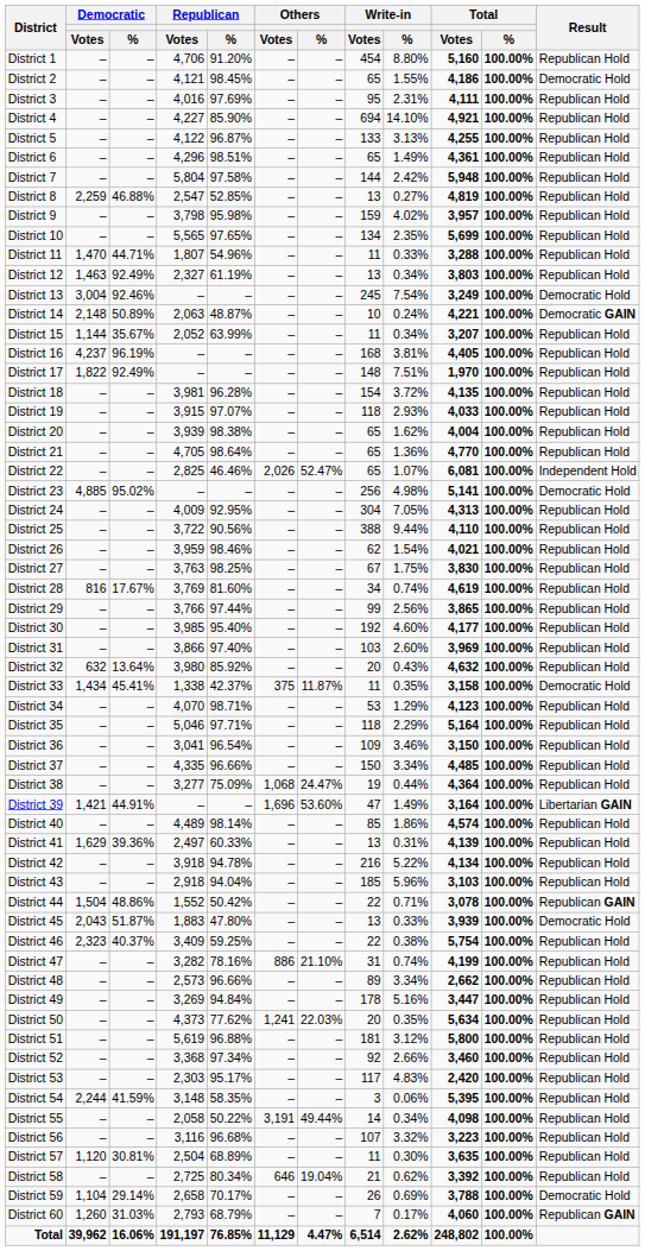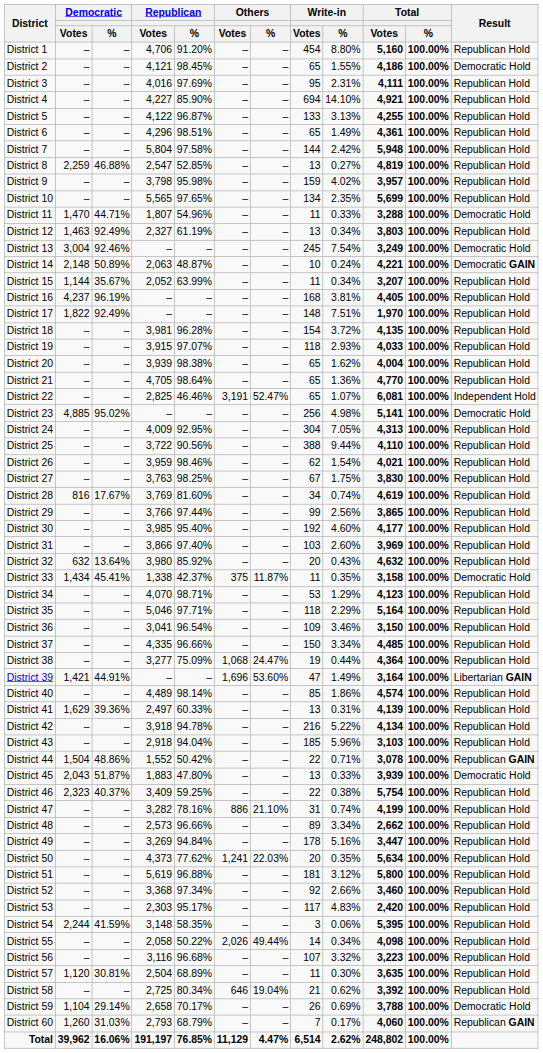 <table class="wikitable plainrowheaders sortable" style="font-size:100%; text-align:right;">
 <tr>
 <th rowspan="3" scope="col">District</th>
 <th colspan="2" scope="col"><a href='#'>Democratic</a></th>
 <th colspan="2" scope="col"><a href='#'>Republican</a></th>
 <th colspan="2" scope="col">Others</th>
 <th colspan="2" scope="col">Write-in</th>
 <th colspan="2" scope="col">Total</th>
 <th rowspan="3" scope="col">Result</th>
 </tr>
 <tr>
 <th colspan="2" scope="col" style="background:"></th>
 <th colspan="2" scope="col" style="background:"></th>
 <th colspan="2" scope="col"></th>
 <th colspan="2" scope="col"></th>
 <th colspan="2" scope="col"></th>
 </tr>
 <tr>
 <th data-sort-type="number" scope="col">Votes</th>
 <th data-sort-type="number" scope="col">%</th>
 <th data-sort-type="number" scope="col">Votes</th>
 <th data-sort-type="number" scope="col">%</th>
 <th data-sort-type="number" scope="col">Votes</th>
 <th data-sort-type="number" scope="col">%</th>
 <th>Votes</th>
 <th>%</th>
 <th data-sort-type="number" scope="col">Votes</th>
 <th data-sort-type="number" scope="col">%</th>
 </tr>
 <tr>
 <td align="left">District 1</td>
 <td>–</td>
 <td>–</td>
 <td>4,706</td>
 <td>91.20%</td>
 <td>–</td>
 <td>–</td>
 <td>454</td>
 <td>8.80%</td>
 <td><strong>5,160</strong></td>
 <td><strong>100.00%</strong></td>
 <td align="left">Republican Hold</td>
 </tr>
 <tr>
 <td align="left">District 2</td>
 <td>–</td>
 <td>–</td>
 <td>4,121</td>
 <td>98.45%</td>
 <td>–</td>
 <td>–</td>
 <td>65</td>
 <td>1.55%</td>
 <td><strong>4,186</strong></td>
 <td><strong>100.00%</strong></td>
 <td align="left">Democratic Hold</td>
 </tr>
 <tr>
 <td align="left">District 3</td>
 <td>–</td>
 <td>–</td>
 <td>4,016</td>
 <td>97.69%</td>
 <td>–</td>
 <td>–</td>
 <td>95</td>
 <td>2.31%</td>
 <td><strong>4,111</strong></td>
 <td><strong>100.00%</strong></td>
 <td align="left">Republican Hold</td>
 </tr>
 <tr>
 <td align="left">District 4</td>
 <td>–</td>
 <td>–</td>
 <td>4,227</td>
 <td>85.90%</td>
 <td>–</td>
 <td>–</td>
 <td>694</td>
 <td>14.10%</td>
 <td><strong>4,921</strong></td>
 <td><strong>100.00%</strong></td>
 <td align="left">Republican Hold</td>
 </tr>
 <tr>
 <td align="left">District 5</td>
 <td>–</td>
 <td>–</td>
 <td>4,122</td>
 <td>96.87%</td>
 <td>–</td>
 <td>–</td>
 <td>133</td>
 <td>3.13%</td>
 <td><strong>4,255</strong></td>
 <td><strong>100.00%</strong></td>
 <td align="left">Republican Hold</td>
 </tr>
 <tr>
 <td align="left">District 6</td>
 <td>–</td>
 <td>–</td>
 <td>4,296</td>
 <td>98.51%</td>
 <td>–</td>
 <td>–</td>
 <td>65</td>
 <td>1.49%</td>
 <td><strong>4,361</strong></td>
 <td><strong>100.00%</strong></td>
 <td align="left">Republican Hold</td>
 </tr>
 <tr>
 <td align="left">District 7</td>
 <td>–</td>
 <td>–</td>
 <td>5,804</td>
 <td>97.58%</td>
 <td>–</td>
 <td>–</td>
 <td>144</td>
 <td>2.42%</td>
 <td><strong>5,948</strong></td>
 <td><strong>100.00%</strong></td>
 <td align="left">Republican Hold</td>
 </tr>
 <tr>
 <td align="left">District 8</td>
 <td>2,259</td>
 <td>46.88%</td>
 <td>2,547</td>
 <td>52.85%</td>
 <td>–</td>
 <td>–</td>
 <td>13</td>
 <td>0.27%</td>
 <td><strong>4,819</strong></td>
 <td><strong>100.00%</strong></td>
 <td align="left">Republican Hold</td>
 </tr>
 <tr>
 <td align="left">District 9</td>
 <td>–</td>
 <td>–</td>
 <td>3,798</td>
 <td>95.98%</td>
 <td>–</td>
 <td>–</td>
 <td>159</td>
 <td>4.02%</td>
 <td><strong>3,957</strong></td>
 <td><strong>100.00%</strong></td>
 <td align="left">Republican Hold</td>
 </tr>
 <tr>
 <td align="left">District 10</td>
 <td>–</td>
 <td>–</td>
 <td>5,565</td>
 <td>97.65%</td>
 <td>–</td>
 <td>–</td>
 <td>134</td>
 <td>2.35%</td>
 <td><strong>5,699</strong></td>
 <td><strong>100.00%</strong></td>
 <td align="left">Republican Hold</td>
 </tr>
 <tr>
 <td align="left">District 11</td>
 <td>1,470</td>
 <td>44.71%</td>
 <td>1,807</td>
 <td>54.96%</td>
 <td>–</td>
 <td>–</td>
 <td>11</td>
 <td>0.33%</td>
 <td><strong>3,288</strong></td>
 <td><strong>100.00%</strong></td>
-<td align="left">Republican Hold</td>
+<td align="left">Democratic Hold</td>
 </tr>
 <tr>
 <td align="left">District 12</td>
 <td>1,463</td>
 <td>92.49%</td>
 <td>2,327</td>
 <td>61.19%</td>
 <td>–</td>
 <td>–</td>
 <td>13</td>
 <td>0.34%</td>
 <td><strong>3,803</strong></td>
 <td><strong>100.00%</strong></td>
 <td align="left">Republican Hold</td>
 </tr>
 <tr>
 <td align="left">District 13</td>
 <td>3,004</td>
 <td>92.46%</td>
 <td>–</td>
 <td>–</td>
 <td>–</td>
 <td>–</td>
 <td>245</td>
 <td>7.54%</td>
 <td><strong>3,249</strong></td>
 <td><strong>100.00%</strong></td>
 <td align="left">Democratic Hold</td>
 </tr>
 <tr>
 <td align="left">District 14</td>
 <td>2,148</td>
 <td>50.89%</td>
 <td>2,063</td>
 <td>48.87%</td>
 <td>–</td>
 <td>–</td>
 <td>10</td>
 <td>0.24%</td>
 <td><strong>4,221</strong></td>
 <td><strong>100.00%</strong></td>
 <td align="left">Democratic <strong>GAIN</strong></td>
 </tr>
 <tr>
 <td align="left">District 15</td>
 <td>1,144</td>
 <td>35.67%</td>
 <td>2,052</td>
 <td>63.99%</td>
 <td>–</td>
 <td>–</td>
 <td>11</td>
 <td>0.34%</td>
 <td><strong>3,207</strong></td>
 <td><strong>100.00%</strong></td>
 <td align="left">Republican Hold</td>
 </tr>
 <tr>
 <td align="left">District 16</td>
 <td>4,237</td>
 <td>96.19%</td>
 <td>–</td>
 <td>–</td>
 <td>–</td>
 <td>–</td>
 <td>168</td>
 <td>3.81%</td>
 <td><strong>4,405</strong></td>
 <td><strong>100.00%</strong></td>
 <td align="left">Republican Hold</td>
 </tr>
 <tr>
 <td align="left">District 17</td>
 <td>1,822</td>
 <td>92.49%</td>
 <td>–</td>
 <td>–</td>
 <td>–</td>
 <td>–</td>
 <td>148</td>
 <td>7.51%</td>
 <td><strong>1,970</strong></td>
 <td><strong>100.00%</strong></td>
 <td align="left">Republican Hold</td>
 </tr>
 <tr>
 <td align="left">District 18</td>
 <td>–</td>
 <td>–</td>
 <td>3,981</td>
 <td>96.28%</td>
 <td>–</td>
 <td>–</td>
 <td>154</td>
 <td>3.72%</td>
 <td><strong>4,135</strong></td>
 <td><strong>100.00%</strong></td>
 <td align="left">Republican Hold</td>
 </tr>
 <tr>
 <td align="left">District 19</td>
 <td>–</td>
 <td>–</td>
 <td>3,915</td>
 <td>97.07%</td>
 <td>–</td>
 <td>–</td>
 <td>118</td>
 <td>2.93%</td>
 <td><strong>4,033</strong></td>
 <td><strong>100.00%</strong></td>
 <td align="left">Republican Hold</td>
 </tr>
 <tr>
 <td align="left">District 20</td>
 <td>–</td>
 <td>–</td>
 <td>3,939</td>
 <td>98.38%</td>
 <td>–</td>
 <td>–</td>
 <td>65</td>
 <td>1.62%</td>
 <td><strong>4,004</strong></td>
 <td><strong>100.00%</strong></td>
 <td align="left">Republican Hold</td>
 </tr>
 <tr>
 <td align="left">District 21</td>
 <td>–</td>
 <td>–</td>
 <td>4,705</td>
 <td>98.64%</td>
 <td>–</td>
 <td>–</td>
 <td>65</td>
 <td>1.36%</td>
 <td><strong>4,770</strong></td>
 <td><strong>100.00%</strong></td>
 <td align="left">Republican Hold</td>
 </tr>
 <tr>
 <td align="left">District 22</td>
 <td>–</td>
 <td>–</td>
 <td>2,825</td>
 <td>46.46%</td>
-<td>2,026</td>
+<td>3,191</td>
 <td>52.47%</td>
 <td>65</td>
 <td>1.07%</td>
 <td><strong>6,081</strong></td>
 <td><strong>100.00%</strong></td>
 <td align="left">Independent Hold</td>
 </tr>
 <tr>
 <td align="left">District 23</td>
 <td>4,885</td>
 <td>95.02%</td>
 <td>–</td>
 <td>–</td>
 <td>–</td>
 <td>–</td>
 <td>256</td>
 <td>4.98%</td>
 <td><strong>5,141</strong></td>
 <td><strong>100.00%</strong></td>
 <td align="left">Democratic Hold</td>
 </tr>
 <tr>
 <td align="left">District 24</td>
 <td>–</td>
 <td>–</td>
 <td>4,009</td>
 <td>92.95%</td>
 <td>–</td>
 <td>–</td>
 <td>304</td>
 <td>7.05%</td>
 <td><strong>4,313</strong></td>
 <td><strong>100.00%</strong></td>
 <td align="left">Republican Hold</td>
 </tr>
 <tr>
 <td align="left">District 25</td>
 <td>–</td>
 <td>–</td>
 <td>3,722</td>
 <td>90.56%</td>
 <td>–</td>
 <td>–</td>
 <td>388</td>
 <td>9.44%</td>
 <td><strong>4,110</strong></td>
 <td><strong>100.00%</strong></td>
 <td align="left">Republican Hold</td>
 </tr>
 <tr>
 <td align="left">District 26</td>
 <td>–</td>
 <td>–</td>
 <td>3,959</td>
 <td>98.46%</td>
 <td>–</td>
 <td>–</td>
 <td>62</td>
 <td>1.54%</td>
 <td><strong>4,021</strong></td>
 <td><strong>100.00%</strong></td>
 <td align="left">Republican Hold</td>
 </tr>
 <tr>
 <td align="left">District 27</td>
 <td>–</td>
 <td>–</td>
 <td>3,763</td>
 <td>98.25%</td>
 <td>–</td>
 <td>–</td>
 <td>67</td>
 <td>1.75%</td>
 <td><strong>3,830</strong></td>
 <td><strong>100.00%</strong></td>
 <td align="left">Republican Hold</td>
 </tr>
 <tr>
 <td align="left">District 28</td>
 <td>816</td>
 <td>17.67%</td>
 <td>3,769</td>
 <td>81.60%</td>
 <td>–</td>
 <td>–</td>
 <td>34</td>
 <td>0.74%</td>
 <td><strong>4,619</strong></td>
 <td><strong>100.00%</strong></td>
 <td align="left">Republican Hold</td>
 </tr>
 <tr>
 <td align="left">District 29</td>
 <td>–</td>
 <td>–</td>
 <td>3,766</td>
 <td>97.44%</td>
 <td>–</td>
 <td>–</td>
 <td>99</td>
 <td>2.56%</td>
 <td><strong>3,865</strong></td>
 <td><strong>100.00%</strong></td>
 <td align="left">Republican Hold</td>
 </tr>
 <tr>
 <td align="left">District 30</td>
 <td>–</td>
 <td>–</td>
 <td>3,985</td>
 <td>95.40%</td>
 <td>–</td>
 <td>–</td>
 <td>192</td>
 <td>4.60%</td>
 <td><strong>4,177</strong></td>
 <td><strong>100.00%</strong></td>
 <td align="left">Republican Hold</td>
 </tr>
 <tr>
 <td align="left">District 31</td>
 <td>–</td>
 <td>–</td>
 <td>3,866</td>
 <td>97.40%</td>
 <td>–</td>
 <td>–</td>
 <td>103</td>
 <td>2.60%</td>
 <td><strong>3,969</strong></td>
 <td><strong>100.00%</strong></td>
 <td align="left">Republican Hold</td>
 </tr>
 <tr>
 <td align="left">District 32</td>
 <td>632</td>
 <td>13.64%</td>
 <td>3,980</td>
 <td>85.92%</td>
 <td>–</td>
 <td>–</td>
 <td>20</td>
 <td>0.43%</td>
 <td><strong>4,632</strong></td>
 <td><strong>100.00%</strong></td>
 <td align="left">Republican Hold</td>
 </tr>
 <tr>
 <td align="left">District 33</td>
 <td>1,434</td>
 <td>45.41%</td>
 <td>1,338</td>
 <td>42.37%</td>
 <td>375</td>
 <td>11.87%</td>
 <td>11</td>
 <td>0.35%</td>
 <td><strong>3,158</strong></td>
 <td><strong>100.00%</strong></td>
 <td align="left">Democratic Hold</td>
 </tr>
 <tr>
 <td align="left">District 34</td>
 <td>–</td>
 <td>–</td>
 <td>4,070</td>
 <td>98.71%</td>
 <td>–</td>
 <td>–</td>
 <td>53</td>
 <td>1.29%</td>
 <td><strong>4,123</strong></td>
 <td><strong>100.00%</strong></td>
 <td align="left">Republican Hold</td>
 </tr>
 <tr>
 <td align="left">District 35</td>
 <td>–</td>
 <td>–</td>
 <td>5,046</td>
 <td>97.71%</td>
 <td>–</td>
 <td>–</td>
 <td>118</td>
 <td>2.29%</td>
 <td><strong>5,164</strong></td>
 <td><strong>100.00%</strong></td>
 <td align="left">Republican Hold</td>
 </tr>
 <tr>
 <td align="left">District 36</td>
 <td>–</td>
 <td>–</td>
 <td>3,041</td>
 <td>96.54%</td>
 <td>–</td>
 <td>–</td>
 <td>109</td>
 <td>3.46%</td>
 <td><strong>3,150</strong></td>
 <td><strong>100.00%</strong></td>
 <td align="left">Republican Hold</td>
 </tr>
 <tr>
 <td align="left">District 37</td>
 <td>–</td>
 <td>–</td>
 <td>4,335</td>
 <td>96.66%</td>
 <td>–</td>
 <td>–</td>
 <td>150</td>
 <td>3.34%</td>
 <td><strong>4,485</strong></td>
 <td><strong>100.00%</strong></td>
 <td align="left">Republican Hold</td>
 </tr>
 <tr>
 <td align="left">District 38</td>
 <td>–</td>
 <td>–</td>
 <td>3,277</td>
 <td>75.09%</td>
 <td>1,068</td>
 <td>24.47%</td>
 <td>19</td>
 <td>0.44%</td>
 <td><strong>4,364</strong></td>
 <td><strong>100.00%</strong></td>
 <td align="left">Republican Hold</td>
 </tr>
 <tr>
 <td align="left"><a href='#'>District 39</a></td>
 <td>1,421</td>
 <td>44.91%</td>
 <td>–</td>
 <td>–</td>
 <td>1,696</td>
 <td>53.60%</td>
 <td>47</td>
 <td>1.49%</td>
 <td><strong>3,164</strong></td>
 <td><strong>100.00%</strong></td>
 <td align="left">Libertarian <strong>GAIN</strong></td>
 </tr>
 <tr>
 <td align="left">District 40</td>
 <td>–</td>
 <td>–</td>
 <td>4,489</td>
 <td>98.14%</td>
 <td>–</td>
 <td>–</td>
 <td>85</td>
 <td>1.86%</td>
 <td><strong>4,574</strong></td>
 <td><strong>100.00%</strong></td>
 <td align="left">Republican Hold</td>
 </tr>
 <tr>
 <td align="left">District 41</td>
 <td>1,629</td>
 <td>39.36%</td>
 <td>2,497</td>
 <td>60.33%</td>
 <td>–</td>
 <td>–</td>
 <td>13</td>
 <td>0.31%</td>
 <td><strong>4,139</strong></td>
 <td><strong>100.00%</strong></td>
 <td align="left">Republican Hold</td>
 </tr>
 <tr>
 <td align="left">District 42</td>
 <td>–</td>
 <td>–</td>
 <td>3,918</td>
 <td>94.78%</td>
 <td>–</td>
 <td>–</td>
 <td>216</td>
 <td>5.22%</td>
 <td><strong>4,134</strong></td>
 <td><strong>100.00%</strong></td>
 <td align="left">Republican Hold</td>
 </tr>
 <tr>
 <td align="left">District 43</td>
 <td>–</td>
 <td>–</td>
 <td>2,918</td>
 <td>94.04%</td>
 <td>–</td>
 <td>–</td>
 <td>185</td>
 <td>5.96%</td>
 <td><strong>3,103</strong></td>
 <td><strong>100.00%</strong></td>
 <td align="left">Republican Hold</td>
 </tr>
 <tr>
 <td align="left">District 44</td>
 <td>1,504</td>
 <td>48.86%</td>
 <td>1,552</td>
 <td>50.42%</td>
 <td>–</td>
 <td>–</td>
 <td>22</td>
 <td>0.71%</td>
 <td><strong>3,078</strong></td>
 <td><strong>100.00%</strong></td>
 <td align="left">Republican <strong>GAIN</strong></td>
 </tr>
 <tr>
 <td align="left">District 45</td>
 <td>2,043</td>
 <td>51.87%</td>
 <td>1,883</td>
 <td>47.80%</td>
 <td>–</td>
 <td>–</td>
 <td>13</td>
 <td>0.33%</td>
 <td><strong>3,939</strong></td>
 <td><strong>100.00%</strong></td>
 <td align="left">Democratic Hold</td>
 </tr>
 <tr>
 <td align="left">District 46</td>
 <td>2,323</td>
 <td>40.37%</td>
 <td>3,409</td>
 <td>59.25%</td>
 <td>–</td>
 <td>–</td>
 <td>22</td>
 <td>0.38%</td>
 <td><strong>5,754</strong></td>
 <td><strong>100.00%</strong></td>
 <td align="left">Republican Hold</td>
 </tr>
 <tr>
 <td align="left">District 47</td>
 <td>–</td>
 <td>–</td>
 <td>3,282</td>
 <td>78.16%</td>
 <td>886</td>
 <td>21.10%</td>
 <td>31</td>
 <td>0.74%</td>
 <td><strong>4,199</strong></td>
 <td><strong>100.00%</strong></td>
 <td align="left">Republican Hold</td>
 </tr>
 <tr>
 <td align="left">District 48</td>
 <td>–</td>
 <td>–</td>
 <td>2,573</td>
 <td>96.66%</td>
 <td>–</td>
 <td>–</td>
 <td>89</td>
 <td>3.34%</td>
 <td><strong>2,662</strong></td>
 <td><strong>100.00%</strong></td>
 <td align="left">Republican Hold</td>
 </tr>
 <tr>
 <td align="left">District 49</td>
 <td>–</td>
 <td>–</td>
 <td>3,269</td>
 <td>94.84%</td>
 <td>–</td>
 <td>–</td>
 <td>178</td>
 <td>5.16%</td>
 <td><strong>3,447</strong></td>
 <td><strong>100.00%</strong></td>
 <td align="left">Republican Hold</td>
 </tr>
 <tr>
 <td align="left">District 50</td>
 <td>–</td>
 <td>–</td>
 <td>4,373</td>
 <td>77.62%</td>
 <td>1,241</td>
 <td>22.03%</td>
 <td>20</td>
 <td>0.35%</td>
 <td><strong>5,634</strong></td>
 <td><strong>100.00%</strong></td>
 <td align="left">Republican Hold</td>
 </tr>
 <tr>
 <td align="left">District 51</td>
 <td>–</td>
 <td>–</td>
 <td>5,619</td>
 <td>96.88%</td>
 <td>–</td>
 <td>–</td>
 <td>181</td>
 <td>3.12%</td>
 <td><strong>5,800</strong></td>
 <td><strong>100.00%</strong></td>
 <td align="left">Republican Hold</td>
 </tr>
 <tr>
 <td align="left">District 52</td>
 <td>–</td>
 <td>–</td>
 <td>3,368</td>
 <td>97.34%</td>
 <td>–</td>
 <td>–</td>
 <td>92</td>
 <td>2.66%</td>
 <td><strong>3,460</strong></td>
 <td><strong>100.00%</strong></td>
 <td align="left">Republican Hold</td>
 </tr>
 <tr>
 <td align="left">District 53</td>
 <td>–</td>
 <td>–</td>
 <td>2,303</td>
 <td>95.17%</td>
 <td>–</td>
 <td>–</td>
 <td>117</td>
 <td>4.83%</td>
 <td><strong>2,420</strong></td>
 <td><strong>100.00%</strong></td>
 <td align="left">Republican Hold</td>
 </tr>
 <tr>
 <td align="left">District 54</td>
 <td>2,244</td>
 <td>41.59%</td>
 <td>3,148</td>
 <td>58.35%</td>
 <td>–</td>
 <td>–</td>
 <td>3</td>
 <td>0.06%</td>
 <td><strong>5,395</strong></td>
 <td><strong>100.00%</strong></td>
 <td align="left">Republican Hold</td>
 </tr>
 <tr>
 <td align="left">District 55</td>
 <td>–</td>
 <td>–</td>
 <td>2,058</td>
 <td>50.22%</td>
-<td>3,191</td>
+<td>2,026</td>
 <td>49.44%</td>
 <td>14</td>
 <td>0.34%</td>
 <td><strong>4,098</strong></td>
 <td><strong>100.00%</strong></td>
 <td align="left">Republican Hold</td>
 </tr>
 <tr>
 <td align="left">District 56</td>
 <td>–</td>
 <td>–</td>
 <td>3,116</td>
 <td>96.68%</td>
 <td>–</td>
 <td>–</td>
 <td>107</td>
 <td>3.32%</td>
 <td><strong>3,223</strong></td>
 <td><strong>100.00%</strong></td>
 <td align="left">Republican Hold</td>
 </tr>
 <tr>
 <td align="left">District 57</td>
 <td>1,120</td>
 <td>30.81%</td>
 <td>2,504</td>
 <td>68.89%</td>
 <td>–</td>
 <td>–</td>
 <td>11</td>
 <td>0.30%</td>
 <td><strong>3,635</strong></td>
 <td><strong>100.00%</strong></td>
 <td align="left">Republican Hold</td>
 </tr>
 <tr>
 <td align="left">District 58</td>
 <td>–</td>
 <td>–</td>
 <td>2,725</td>
 <td>80.34%</td>
 <td>646</td>
 <td>19.04%</td>
 <td>21</td>
 <td>0.62%</td>
 <td><strong>3,392</strong></td>
 <td><strong>100.00%</strong></td>
 <td align="left">Republican Hold</td>
 </tr>
 <tr>
 <td align="left">District 59</td>
 <td>1,104</td>
 <td>29.14%</td>
 <td>2,658</td>
 <td>70.17%</td>
 <td>–</td>
 <td>–</td>
 <td>26</td>
 <td>0.69%</td>
 <td><strong>3,788</strong></td>
 <td><strong>100.00%</strong></td>
 <td align="left">Democratic Hold</td>
 </tr>
 <tr>
 <td align="left">District 60</td>
 <td>1,260</td>
 <td>31.03%</td>
 <td>2,793</td>
 <td>68.79%</td>
 <td>–</td>
 <td>–</td>
 <td>7</td>
 <td>0.17%</td>
 <td><strong>4,060</strong></td>
 <td><strong>100.00%</strong></td>
 <td align="left">Republican <strong>GAIN</strong></td>
 </tr>
 <tr class="sortbottom" style="font-weight:bold">
 <td>Total</td>
 <td>39,962</td>
 <td>16.06%</td>
 <td>191,197</td>
 <td>76.85%</td>
 <td>11,129</td>
 <td>4.47%</td>
 <td>6,514</td>
 <td>2.62%</td>
 <td>248,802</td>
 <td>100.00%</td>
 <td></td>
 </tr>
 </table>
